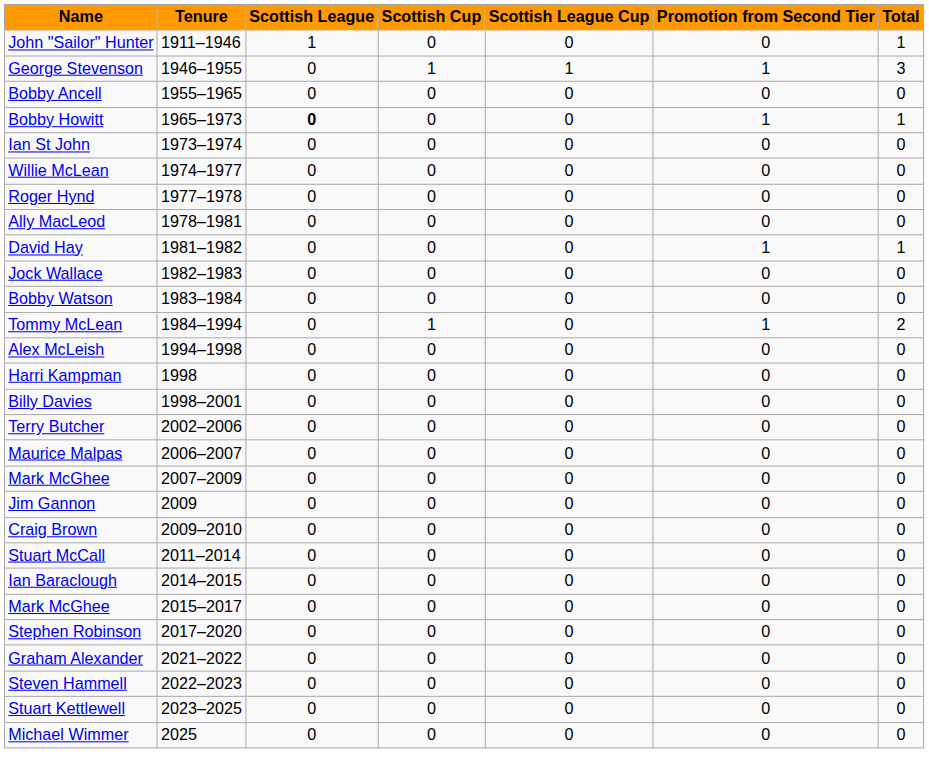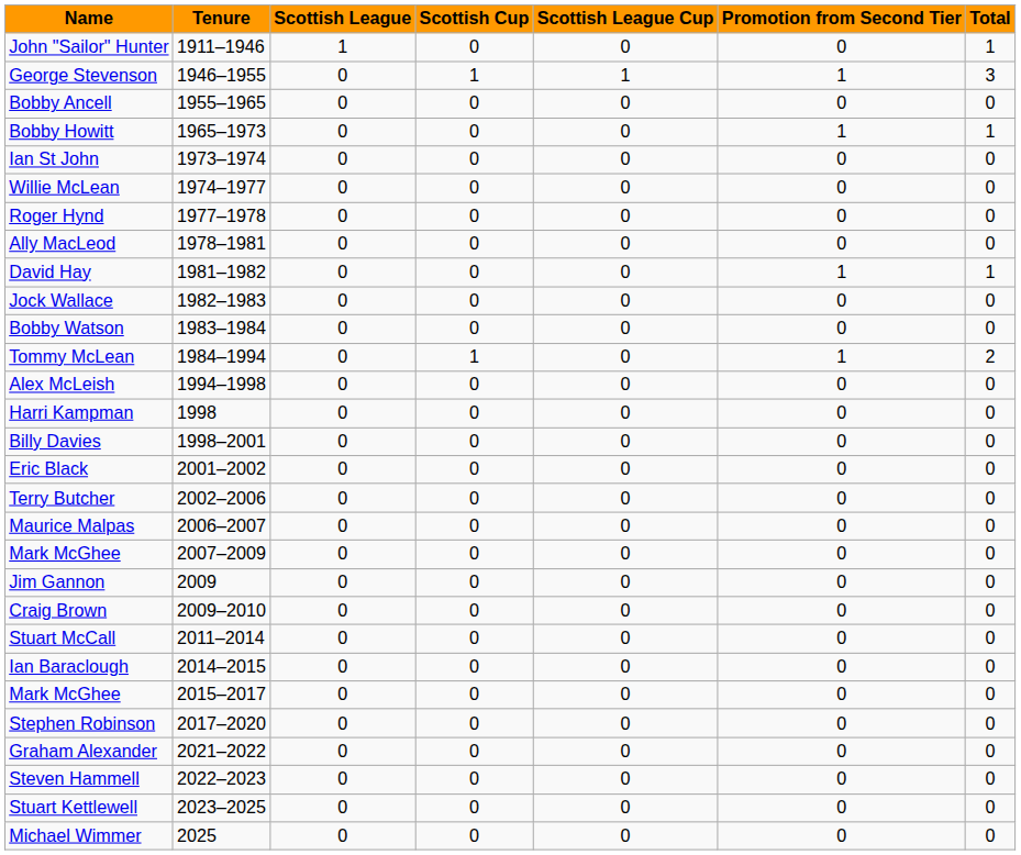 <table class="wikitable mw-collapsible mw-collapsed"  style="font-size:100%; text-align:center;">
 <tr>
 <th style="background:#FF9900; colour:#98285c;">Name</th>
 <th style="background:#FF9900; colour:#98285c;">Tenure</th>
 <th style="background:#FF9900; colour:#98285c;">Scottish League</th>
 <th style="background:#FF9900; colour:#98285c;">Scottish Cup</th>
 <th style="background:#FF9900; colour:#98285c;">Scottish League Cup</th>
 <th style="background:#FF9900; colour:#98285c;">Promotion from Second Tier</th>
 <th style="background:#FF9900; colour:#98285c;">Total</th>
 </tr>
 <tr>
 <td align=left><a href='#'>John "Sailor" Hunter</a></td>
 <td align=left>1911–1946</td>
 <td>1</td>
 <td>0</td>
 <td>0</td>
 <td>0</td>
 <td>1</td>
 </tr>
 <tr>
 <td align=left><a href='#'>George Stevenson</a></td>
 <td align=left>1946–1955</td>
 <td>0</td>
 <td>1</td>
 <td>1</td>
 <td>1</td>
 <td>3</td>
 </tr>
 <tr>
 <td align=left><a href='#'>Bobby Ancell</a></td>
 <td align=left>1955–1965</td>
 <td>0</td>
 <td>0</td>
 <td>0</td>
 <td>0</td>
 <td>0</td>
 </tr>
 <tr>
 <td align=left><a href='#'>Bobby Howitt</a></td>
 <td align=left>1965–1973</td>
-<td><strong>0</strong></td>
+<td>0</td>
 <td>0</td>
 <td>0</td>
 <td>1</td>
 <td>1</td>
 </tr>
 <tr>
 <td align=left><a href='#'>Ian St John</a></td>
 <td align=left>1973–1974</td>
 <td>0</td>
 <td>0</td>
 <td>0</td>
 <td>0</td>
 <td>0</td>
 </tr>
 <tr>
 <td align=left><a href='#'>Willie McLean</a></td>
 <td align=left>1974–1977</td>
 <td>0</td>
 <td>0</td>
 <td>0</td>
 <td>0</td>
 <td>0</td>
 </tr>
 <tr>
 <td align=left><a href='#'>Roger Hynd</a></td>
 <td align=left>1977–1978</td>
 <td>0</td>
 <td>0</td>
 <td>0</td>
 <td>0</td>
 <td>0</td>
 </tr>
 <tr>
 <td align=left><a href='#'>Ally MacLeod</a></td>
 <td align=left>1978–1981</td>
 <td>0</td>
 <td>0</td>
 <td>0</td>
 <td>0</td>
 <td>0</td>
 </tr>
 <tr>
 <td align=left><a href='#'>David Hay</a></td>
 <td align=left>1981–1982</td>
 <td>0</td>
 <td>0</td>
 <td>0</td>
 <td>1</td>
 <td>1</td>
 </tr>
 <tr>
 <td align=left><a href='#'>Jock Wallace</a></td>
 <td align=left>1982–1983</td>
 <td>0</td>
 <td>0</td>
 <td>0</td>
 <td>0</td>
 <td>0</td>
 </tr>
 <tr>
 <td align=left><a href='#'>Bobby Watson</a></td>
 <td align=left>1983–1984</td>
 <td>0</td>
 <td>0</td>
 <td>0</td>
 <td>0</td>
 <td>0</td>
 </tr>
 <tr>
 <td align=left><a href='#'>Tommy McLean</a></td>
 <td align=left>1984–1994</td>
 <td>0</td>
 <td>1</td>
 <td>0</td>
 <td>1</td>
 <td>2</td>
 </tr>
 <tr>
 <td align=left><a href='#'>Alex McLeish</a></td>
 <td align=left>1994–1998</td>
 <td>0</td>
 <td>0</td>
 <td>0</td>
 <td>0</td>
 <td>0</td>
 </tr>
 <tr>
 <td align=left><a href='#'>Harri Kampman</a></td>
 <td align=left>1998</td>
 <td>0</td>
 <td>0</td>
 <td>0</td>
 <td>0</td>
 <td>0</td>
 </tr>
 <tr>
 <td align=left><a href='#'>Billy Davies</a></td>
 <td align=left>1998–2001</td>
+<td>0</td>
+<td>0</td>
+<td>0</td>
+<td>0</td>
+<td>0</td>
+</tr>
+<tr>
+<td align=left><a href='#'>Eric Black</a></td>
+<td align=left>2001–2002</td>
 <td>0</td>
 <td>0</td>
 <td>0</td>
 <td>0</td>
 <td>0</td>
 </tr>
 <tr>
 <td align=left><a href='#'>Terry Butcher</a></td>
 <td align=left>2002–2006</td>
 <td>0</td>
 <td>0</td>
 <td>0</td>
 <td>0</td>
 <td>0</td>
 </tr>
 <tr>
 <td align=left><a href='#'>Maurice Malpas</a></td>
 <td align=left>2006–2007</td>
 <td>0</td>
 <td>0</td>
 <td>0</td>
 <td>0</td>
 <td>0</td>
 </tr>
 <tr>
 <td align=left><a href='#'>Mark McGhee</a></td>
 <td align=left>2007–2009</td>
 <td>0</td>
 <td>0</td>
 <td>0</td>
 <td>0</td>
 <td>0</td>
 </tr>
 <tr>
 <td align=left><a href='#'>Jim Gannon</a></td>
 <td align=left>2009</td>
 <td>0</td>
 <td>0</td>
 <td>0</td>
 <td>0</td>
 <td>0</td>
 </tr>
 <tr>
 <td align=left><a href='#'>Craig Brown</a></td>
 <td align=left>2009–2010</td>
 <td>0</td>
 <td>0</td>
 <td>0</td>
 <td>0</td>
 <td>0</td>
 </tr>
 <tr>
 <td align=left><a href='#'>Stuart McCall</a></td>
 <td align=left>2011–2014</td>
 <td>0</td>
 <td>0</td>
 <td>0</td>
 <td>0</td>
 <td>0</td>
 </tr>
 <tr>
 <td align=left><a href='#'>Ian Baraclough</a></td>
 <td align=left>2014–2015</td>
 <td>0</td>
 <td>0</td>
 <td>0</td>
 <td>0</td>
 <td>0</td>
 </tr>
 <tr>
 <td align=left><a href='#'>Mark McGhee</a></td>
 <td align=left>2015–2017</td>
 <td>0</td>
 <td>0</td>
 <td>0</td>
 <td>0</td>
 <td>0</td>
 </tr>
 <tr>
 <td align=left><a href='#'>Stephen Robinson</a></td>
 <td align=left>2017–2020</td>
 <td>0</td>
 <td>0</td>
 <td>0</td>
 <td>0</td>
 <td>0</td>
 </tr>
 <tr>
 <td align=left><a href='#'>Graham Alexander</a></td>
 <td align=left>2021–2022</td>
 <td>0</td>
 <td>0</td>
 <td>0</td>
 <td>0</td>
 <td>0</td>
 </tr>
 <tr>
 <td align=left><a href='#'>Steven Hammell</a></td>
 <td align=left>2022–2023</td>
 <td>0</td>
 <td>0</td>
 <td>0</td>
 <td>0</td>
 <td>0</td>
 </tr>
 <tr>
 <td align=left><a href='#'>Stuart Kettlewell</a></td>
 <td align=left>2023–2025</td>
 <td>0</td>
 <td>0</td>
 <td>0</td>
 <td>0</td>
 <td>0</td>
 </tr>
 <tr>
 <td align=left><a href='#'>Michael Wimmer</a></td>
 <td align=left>2025</td>
 <td>0</td>
 <td>0</td>
 <td>0</td>
 <td>0</td>
 <td>0</td>
 </tr>
 </table>
